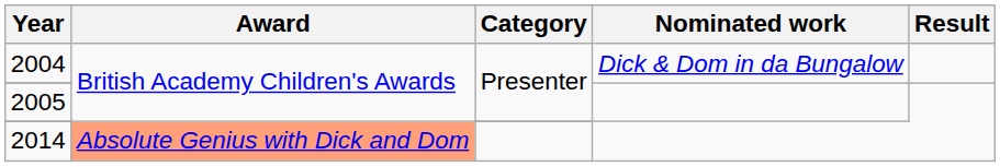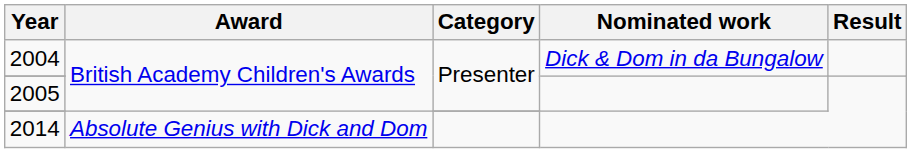 <table class="wikitable sortable">
 <tr>
 <th>Year</th>
 <th>Award</th>
 <th>Category</th>
 <th>Nominated work</th>
 <th>Result</th>
 </tr>
 <tr>
 <td>2004</td>
 <td rowspan=4><a href='#'>British Academy Children's Awards</a></td>
 <td rowspan=3>Presenter</td>
 <td rowspan=2 style="text-align:center;"><em><a href='#'>Dick & Dom in da Bungalow</a></em></td>
 <td></td>
 </tr>
 <tr>
 </tr>
 <tr>
 <td>2005</td>
 <td></td>
 </tr>
 <tr>
 </tr>
 <tr>
 <td>2014</td>
-<td style="background: lightsalmon; text-align:center;"><em><a href='#'>Absolute Genius with Dick and Dom</a></em></td>
+<td style="text-align:center;"><em><a href='#'>Absolute Genius with Dick and Dom</a></em></td>
 <td></td>
 </tr>
 </table>
